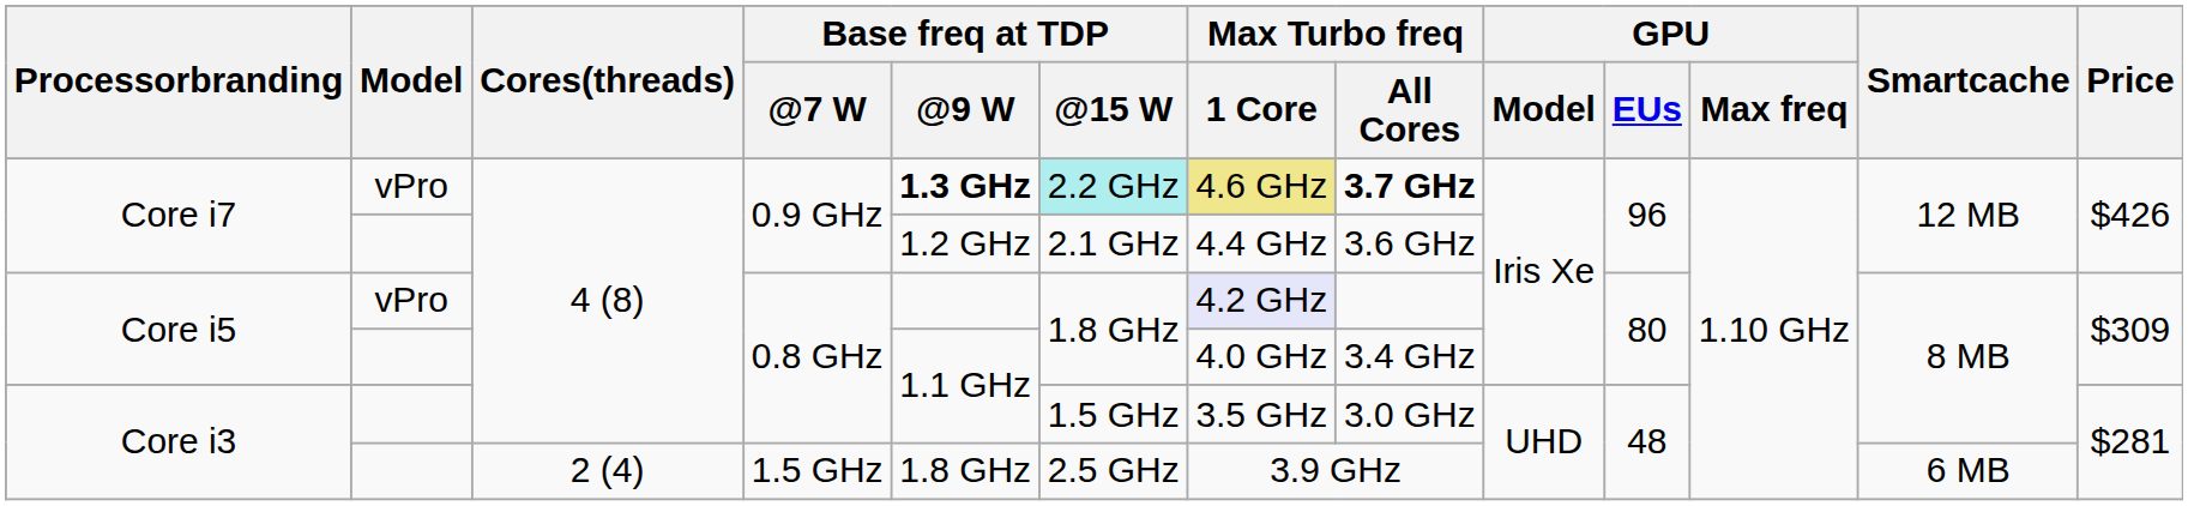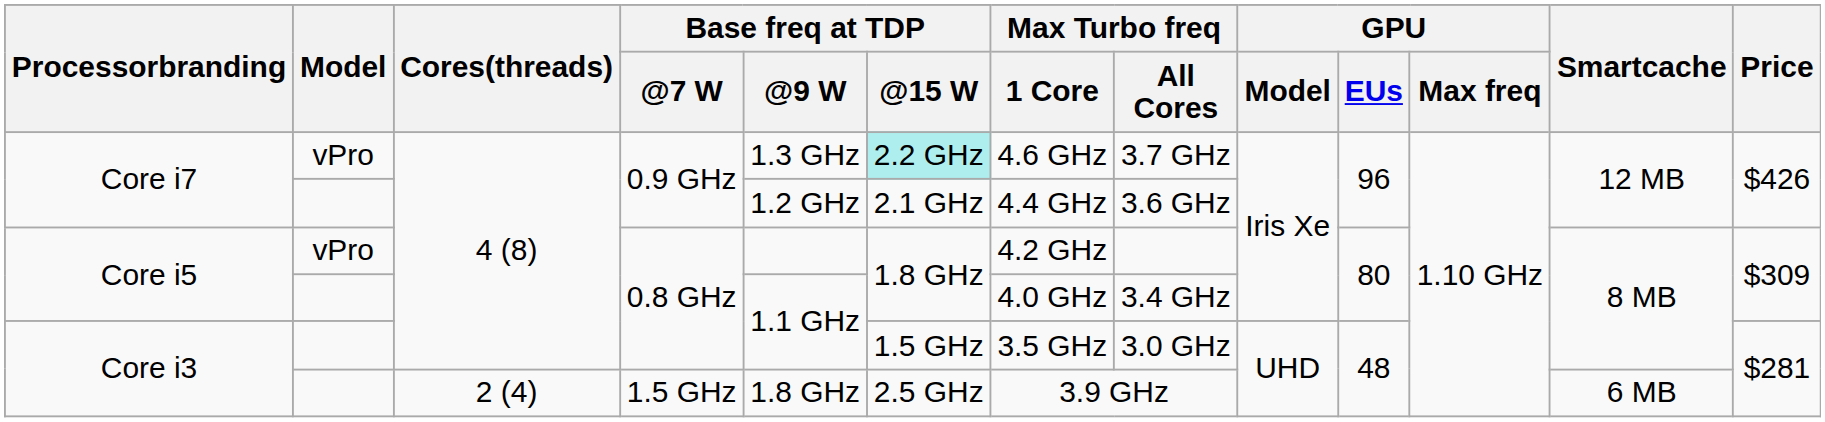 <table class="wikitable sortable" style="text-align: center;">
 <tr>
 <th rowspan="2">Processorbranding</th>
 <th rowspan="2">Model</th>
 <th rowspan="2">Cores(threads)</th>
 <th colspan="3">Base freq at TDP</th>
 <th colspan="2">Max Turbo freq</th>
 <th colspan="3">GPU</th>
 <th rowspan="2">Smartcache</th>
 <th rowspan="2">Price</th>
 </tr>
 <tr style="line-height:110%;">
 <th>@7 W</th>
 <th>@9 W</th>
 <th>@15 W</th>
 <th>1 Core</th>
 <th>All Cores</th>
 <th>Model</th>
 <th><a href='#'>EUs</a></th>
 <th>Max freq</th>
 </tr>
 <tr>
 <td rowspan="2">Core i7</td>
 <td> vPro</td>
 <td rowspan="5">4 (8)</td>
 <td rowspan="2">0.9 GHz</td>
-<td><strong>1.3 GHz</strong></td>
+<td>1.3 GHz</td>
 <td style="background: paleturquoise;">2.2 GHz</td>
-<td style="background: khaki;">4.6 GHz</td>
-<td><strong>3.7 GHz</strong></td>
+<td>4.6 GHz</td>
+<td>3.7 GHz</td>
 <td rowspan="4">Iris Xe</td>
 <td rowspan="2">96</td>
 <td rowspan="6">1.10 GHz</td>
 <td rowspan="2">12 MB</td>
 <td rowspan="2">$426</td>
 </tr>
 <tr>
 <td></td>
 <td>1.2 GHz</td>
 <td>2.1 GHz</td>
 <td>4.4 GHz</td>
 <td>3.6 GHz</td>
 </tr>
 <tr>
 <td rowspan="2">Core i5</td>
 <td> vPro</td>
 <td rowspan="3">0.8 GHz</td>
 <td></td>
 <td rowspan="2">1.8 GHz</td>
-<td style="background: lavender;">4.2 GHz</td>
+<td>4.2 GHz</td>
 <td></td>
 <td rowspan="2">80</td>
 <td rowspan="3">8 MB</td>
 <td rowspan="2">$309</td>
 </tr>
 <tr>
 <td></td>
 <td rowspan="2">1.1 GHz</td>
 <td>4.0 GHz</td>
 <td>3.4 GHz</td>
 </tr>
 <tr>
 <td rowspan="2">Core i3</td>
 <td></td>
 <td>1.5 GHz</td>
 <td>3.5 GHz</td>
 <td>3.0 GHz</td>
 <td rowspan="2">UHD</td>
 <td rowspan="2">48</td>
 <td rowspan="2">$281</td>
 </tr>
 <tr>
 <td></td>
 <td>2 (4)</td>
 <td>1.5 GHz</td>
 <td>1.8 GHz</td>
 <td>2.5 GHz</td>
 <td colspan="2">3.9 GHz</td>
 <td>6 MB</td>
 </tr>
 </table>
